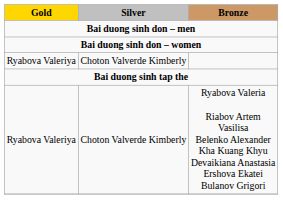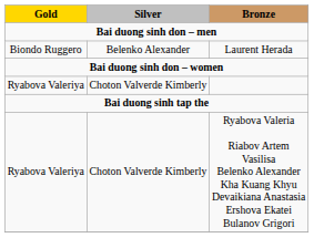 <table class="wikitable" style="text-align:center; font-size:90%;">
 <tr>
 <td style="background:gold;  font-weight:bold;">Gold</td>
 <td style="background:silver;  font-weight:bold;">Silver</td>
 <td style="background:#cc9966;  font-weight:bold;">Bronze</td>
 </tr>
 <tr>
 <td colspan="3"><strong>Bai duong sinh don – men</strong></td>
+</tr>
+<tr>
+<td> Biondo Ruggero</td>
+<td> Belenko Alexander</td>
+<td> Laurent Herada</td>
 </tr>
 <tr>
 <td colspan="3"><strong>Bai duong sinh don – women</strong></td>
 </tr>
 <tr>
 <td> Ryabova Valeriya</td>
 <td> Choton Valverde Kimberly</td>
 <td></td>
 </tr>
 <tr>
 <td colspan="3"><strong>Bai duong sinh tap the</strong></td>
 </tr>
 <tr>
 <td> Ryabova Valeriya</td>
 <td> Choton Valverde Kimberly</td>
 <td> Ryabova Valeria <br><br>Riabov Artem <br> Vasilisa <br> Belenko Alexander <br> Kha Kuang Khyu <br> Devaikiana Anastasia <br> Ershova Ekatei <br> Bulanov Grigori</td>
 </tr>
 <tr>
 </tr>
 </table>
